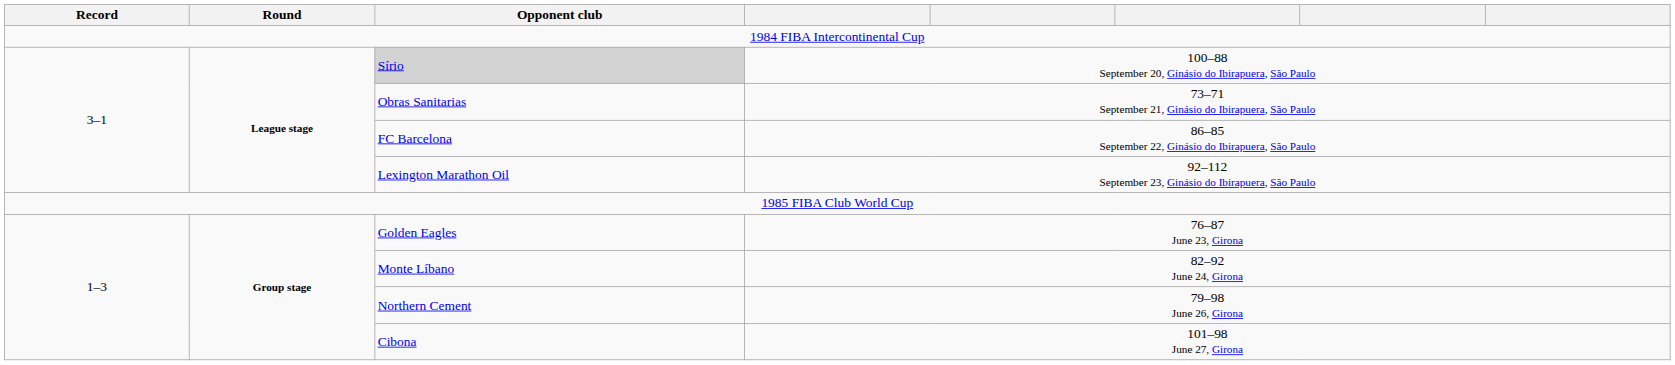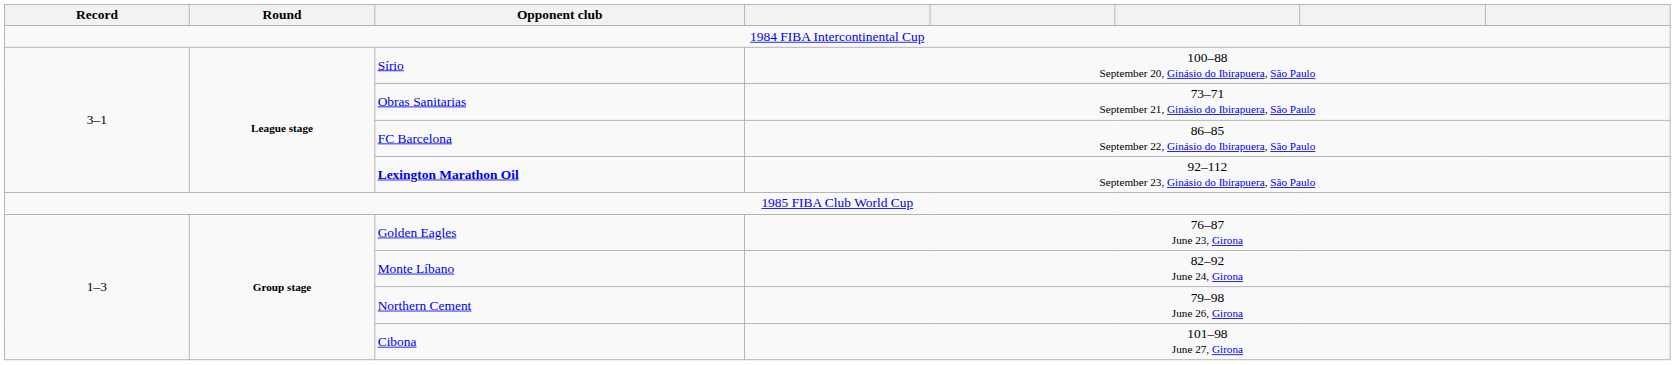 <table class="wikitable" width=100% style="text-align: center;">
 <tr>
 <th width=10%>Record</th>
 <th width=10%>Round</th>
 <th width=20%>Opponent club</th>
 <th width=10%></th>
 <th width=10%></th>
 <th width=10%></th>
 <th width=10%></th>
 <th width=10%></th>
 </tr>
 <tr>
 <td colspan=8><a href='#'>1984 FIBA Intercontinental Cup</a></td>
 </tr>
 <tr>
 <td rowspan=4>3–1</td>
 <td rowspan=4><br><small><strong>League stage</strong></small></td>
-<td align=left style="background: lightgrey;"> <a href='#'>Sírio</a></td>
+<td align=left> <a href='#'>Sírio</a></td>
 <td colspan=5 style="text-align:center;">100–88<br><small>September 20, <a href='#'>Ginásio do Ibirapuera</a>, <a href='#'>São Paulo</a></small></td>
 </tr>
 <tr>
 <td align=left> <a href='#'>Obras Sanitarias</a></td>
 <td colspan=5 style="text-align:center;">73–71<br><small>September 21, <a href='#'>Ginásio do Ibirapuera</a>, <a href='#'>São Paulo</a></small></td>
 </tr>
 <tr>
 <td align=left> <a href='#'>FC Barcelona</a></td>
 <td colspan=5 style="text-align:center;">86–85<br><small>September 22, <a href='#'>Ginásio do Ibirapuera</a>, <a href='#'>São Paulo</a></small></td>
 </tr>
 <tr>
-<td align=left> <a href='#'>Lexington Marathon Oil</a></td>
+<td align=left><strong> <a href='#'>Lexington Marathon Oil</a></strong></td>
 <td colspan=5 style="text-align:center;">92–112<br><small>September 23, <a href='#'>Ginásio do Ibirapuera</a>, <a href='#'>São Paulo</a></small></td>
 </tr>
 <tr>
 <td colspan=8><a href='#'>1985 FIBA Club World Cup</a></td>
 </tr>
 <tr>
 <td rowspan=4>1–3</td>
 <td rowspan=4><small><strong>Group stage</strong></small></td>
 <td align=left> <a href='#'>Golden Eagles</a></td>
 <td colspan=5 style="text-align:center;">76–87<br><small>June 23, <a href='#'>Girona</a></small></td>
 </tr>
 <tr>
 <td align=left> <a href='#'>Monte Líbano</a></td>
 <td colspan=5 style="text-align:center;">82–92<br><small>June 24, <a href='#'>Girona</a></small></td>
 </tr>
 <tr>
 <td align=left> <a href='#'>Northern Cement</a></td>
 <td colspan=5 style="text-align:center;">79–98<br><small>June 26, <a href='#'>Girona</a></small></td>
 </tr>
 <tr>
 <td align=left> <a href='#'>Cibona</a></td>
 <td colspan=5 style="text-align:center;">101–98<br><small>June 27, <a href='#'>Girona</a></small></td>
 </tr>
 </table>
